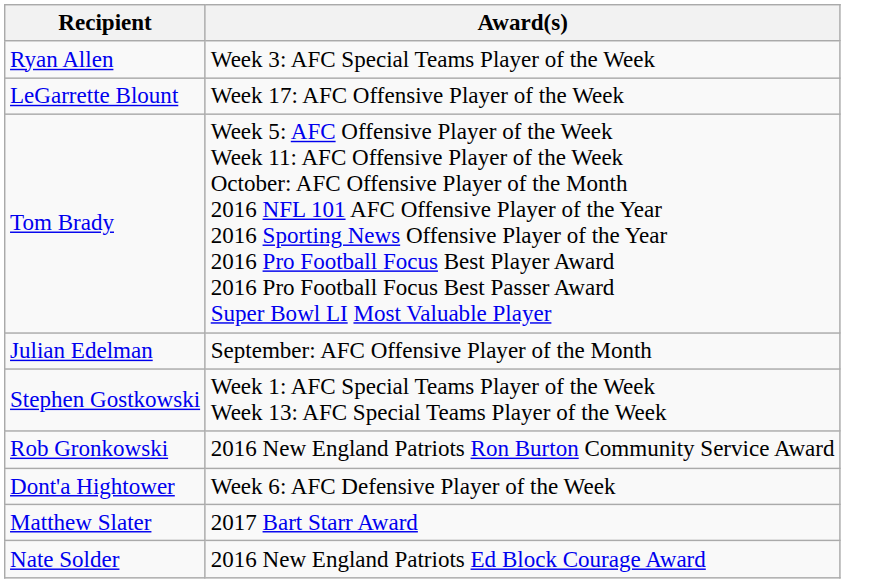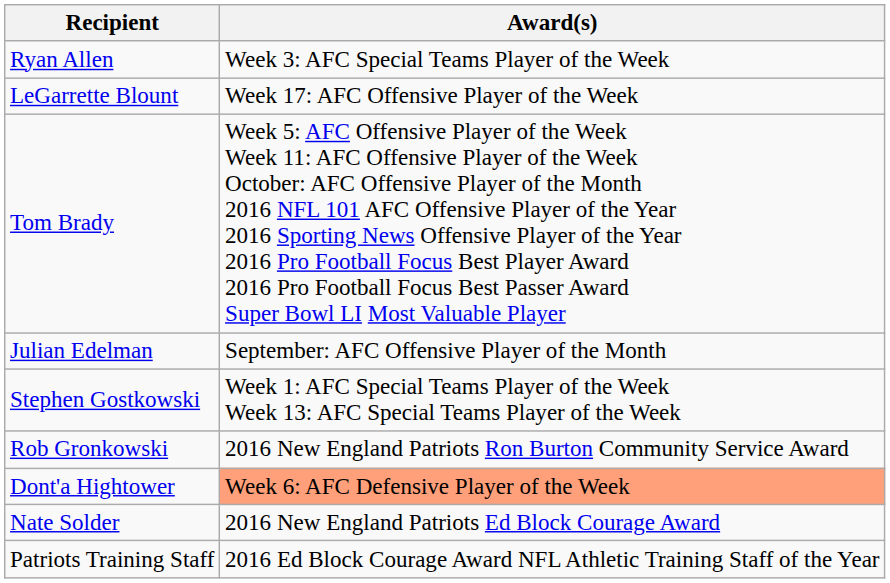 <table class="wikitable">
 <tr>
 <th>Recipient</th>
 <th>Award(s)</th>
 </tr>
 <tr>
 <td><a href='#'>Ryan Allen</a></td>
 <td>Week 3: AFC Special Teams Player of the Week</td>
 </tr>
 <tr>
 <td><a href='#'>LeGarrette Blount</a></td>
 <td>Week 17: AFC Offensive Player of the Week</td>
 </tr>
 <tr>
 <td><a href='#'>Tom Brady</a></td>
 <td>Week 5: <a href='#'>AFC</a> Offensive Player of the Week<br>Week 11: AFC Offensive Player of the Week<br>October: AFC Offensive Player of the Month<br>2016 <a href='#'>NFL 101</a> AFC Offensive Player of the Year<br>2016 <a href='#'>Sporting News</a> Offensive Player of the Year<br>2016 <a href='#'>Pro Football Focus</a> Best Player Award<br>2016 Pro Football Focus Best Passer Award<br><a href='#'>Super Bowl LI</a> <a href='#'>Most Valuable Player</a></td>
 </tr>
 <tr>
 <td><a href='#'>Julian Edelman</a></td>
 <td>September: AFC Offensive Player of the Month</td>
 </tr>
 <tr>
 <td><a href='#'>Stephen Gostkowski</a></td>
 <td>Week 1: AFC Special Teams Player of the Week<br>Week 13: AFC Special Teams Player of the Week</td>
 </tr>
 <tr>
 <td><a href='#'>Rob Gronkowski</a></td>
 <td>2016 New England Patriots <a href='#'>Ron Burton</a> Community Service Award</td>
 </tr>
 <tr>
 <td><a href='#'>Dont'a Hightower</a></td>
-<td>Week 6: AFC Defensive Player of the Week</td>
-</tr>
-<tr>
-<td><a href='#'>Matthew Slater</a></td>
-<td>2017 <a href='#'>Bart Starr Award</a></td>
+<td style="background: lightsalmon;">Week 6: AFC Defensive Player of the Week</td>
 </tr>
 <tr>
 <td><a href='#'>Nate Solder</a></td>
 <td>2016 New England Patriots <a href='#'>Ed Block Courage Award</a></td>
 </tr>
+<tr>
+<td>Patriots Training Staff</td>
+<td>2016 Ed Block Courage Award NFL Athletic Training Staff of the Year</td>
+</tr>
 </table>
